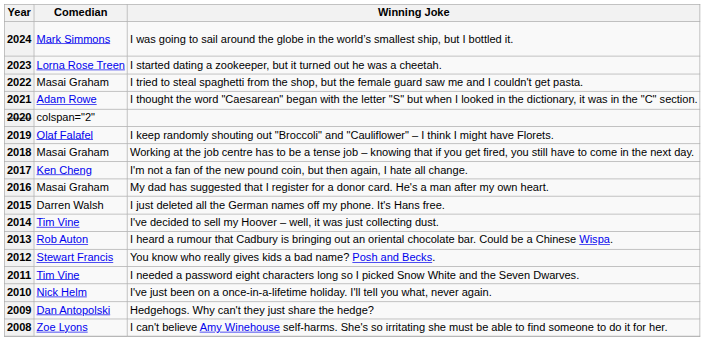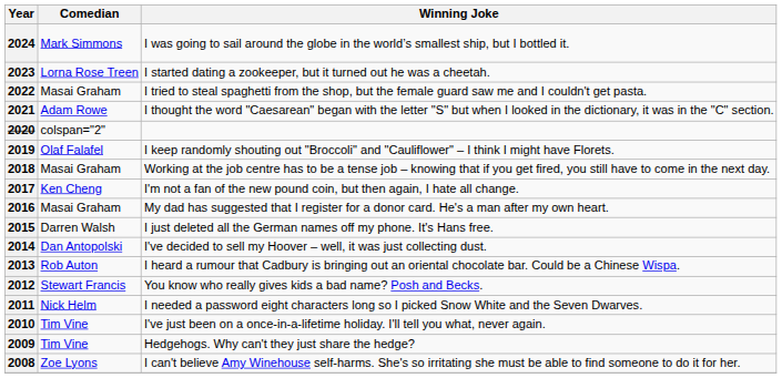 <table class="wikitable sortable">
 <tr>
 <th>Year</th>
 <th>Comedian</th>
 <th>Winning Joke</th>
 </tr>
 <tr style="height: 50px;">
 <th>2024</th>
 <td><a href='#'>Mark Simmons</a></td>
 <td>I was going to sail around the globe in the world’s smallest ship, but I bottled it.</td>
 </tr>
 <tr>
 <th>2023<br></th>
 <td><a href='#'>Lorna Rose Treen</a></td>
 <td>I started dating a zookeeper, but it turned out he was a cheetah.</td>
 </tr>
 <tr>
 <th>2022</th>
 <td>Masai Graham</td>
 <td>I tried to steal spaghetti from the shop, but the female guard saw me and I couldn't get pasta.</td>
 </tr>
 <tr>
 <th>2021</th>
 <td><a href='#'>Adam Rowe</a></td>
 <td>I thought the word "Caesarean" began with the letter "S" but when I looked in the dictionary, it was in the "C" section.</td>
 </tr>
 <tr>
 <th><s>2020</s></th>
 <td>colspan="2" </td>
 </tr>
 <tr>
 <th>2019</th>
 <td><a href='#'>Olaf Falafel</a></td>
 <td>I keep randomly shouting out "Broccoli" and "Cauliflower" – I think I might have Florets.</td>
 </tr>
 <tr>
 <th>2018</th>
 <td>Masai Graham</td>
 <td>Working at the job centre has to be a tense job – knowing that if you get fired, you still have to come in the next day.</td>
 </tr>
 <tr>
 <th>2017</th>
 <td><a href='#'>Ken Cheng</a></td>
 <td>I'm not a fan of the new pound coin, but then again, I hate all change.</td>
 </tr>
 <tr>
 <th>2016</th>
 <td>Masai Graham</td>
 <td>My dad has suggested that I register for a donor card. He's a man after my own heart.</td>
 </tr>
 <tr>
 <th>2015</th>
 <td>Darren Walsh</td>
 <td>I just deleted all the German names off my phone. It's Hans free.</td>
 </tr>
 <tr>
 <th>2014</th>
-<td><a href='#'>Tim Vine</a></td>
+<td><a href='#'>Dan Antopolski</a></td>
 <td>I've decided to sell my Hoover – well, it was just collecting dust.</td>
 </tr>
 <tr>
 <th>2013</th>
 <td><a href='#'>Rob Auton</a></td>
 <td>I heard a rumour that Cadbury is bringing out an oriental chocolate bar. Could be a Chinese <a href='#'>Wispa</a>.</td>
 </tr>
 <tr>
 <th>2012</th>
 <td><a href='#'>Stewart Francis</a></td>
 <td>You know who really gives kids a bad name? <a href='#'>Posh and Becks</a>.</td>
 </tr>
 <tr>
 <th>2011</th>
-<td><a href='#'>Tim Vine</a></td>
+<td><a href='#'>Nick Helm</a></td>
 <td>I needed a password eight characters long so I picked Snow White and the Seven Dwarves.</td>
 </tr>
 <tr>
 <th>2010</th>
-<td><a href='#'>Nick Helm</a></td>
+<td><a href='#'>Tim Vine</a></td>
 <td>I've just been on a once-in-a-lifetime holiday. I'll tell you what, never again.</td>
 </tr>
 <tr>
 <th>2009</th>
-<td><a href='#'>Dan Antopolski</a></td>
+<td><a href='#'>Tim Vine</a></td>
 <td>Hedgehogs. Why can't they just share the hedge?</td>
 </tr>
 <tr>
 <th>2008</th>
 <td><a href='#'>Zoe Lyons</a></td>
 <td>I can't believe <a href='#'>Amy Winehouse</a> self-harms. She's so irritating she must be able to find someone to do it for her.</td>
 </tr>
 <tr>
 </tr>
 </table>
